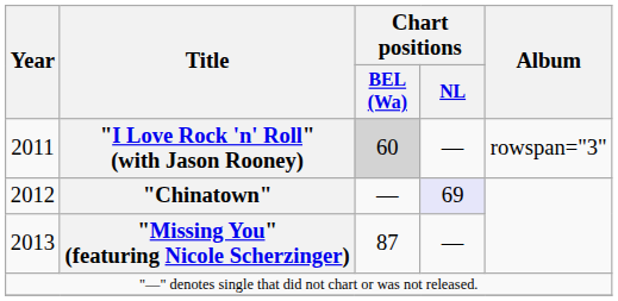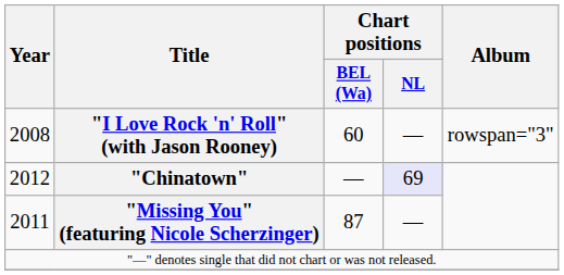 <table class="wikitable plainrowheaders" style="text-align:center;">
 <tr>
 <th scope="col" rowspan="2">Year</th>
 <th scope="col" rowspan="2">Title</th>
 <th scope="col" colspan="2">Chart positions</th>
 <th scope="col" rowspan="2">Album</th>
 </tr>
 <tr>
 <th scope="col" style="width:3em;font-size:85%;"><a href='#'>BEL (Wa)</a><br></th>
 <th scope="col" style="width:3em;font-size:85%;"><a href='#'>NL</a><br></th>
 </tr>
 <tr>
-<td>2011</td>
+<td>2008</td>
 <th scope="row">"<a href='#'>I Love Rock 'n' Roll</a>"<br><span>(with Jason Rooney)</span></th>
-<td style="background: lightgrey;">60</td>
+<td>60</td>
 <td>—</td>
 <td>rowspan="3" </td>
 </tr>
 <tr>
 <td>2012</td>
 <th scope="row">"Chinatown"</th>
 <td>—</td>
 <td style="background: lavender;">69</td>
 </tr>
 <tr>
-<td>2013</td>
+<td>2011</td>
 <th scope="row">"<a href='#'>Missing You</a>"<br><span>(featuring <a href='#'>Nicole Scherzinger</a>)</span></th>
 <td>87</td>
 <td>—</td>
 </tr>
 <tr>
 <td colspan="20" style="font-size:8pt">"—" denotes single that did not chart or was not released.</td>
 </tr>
 <tr>
 </tr>
 </table>
